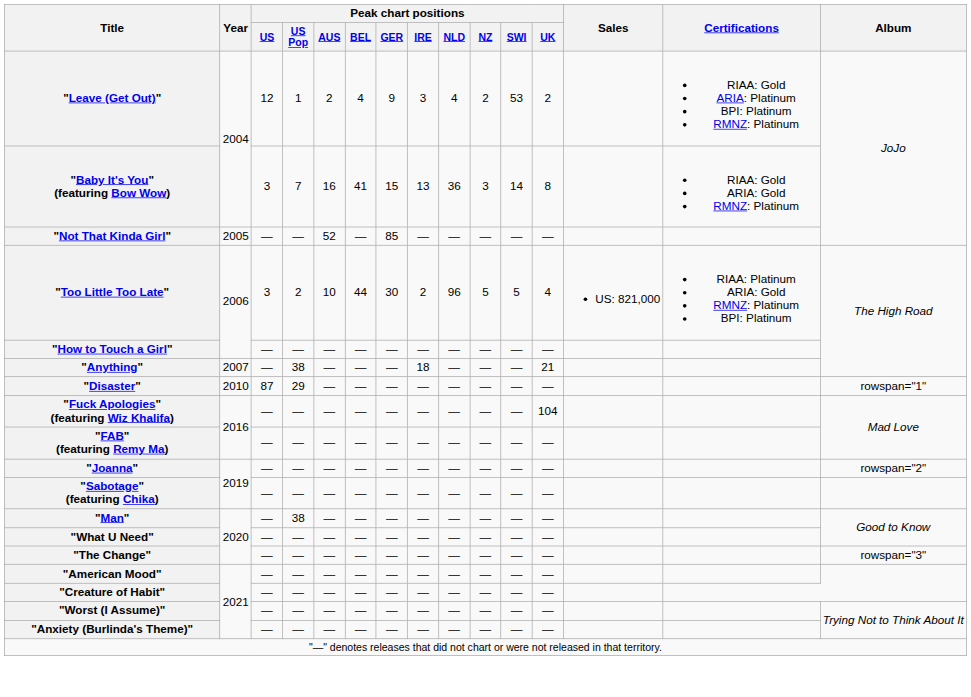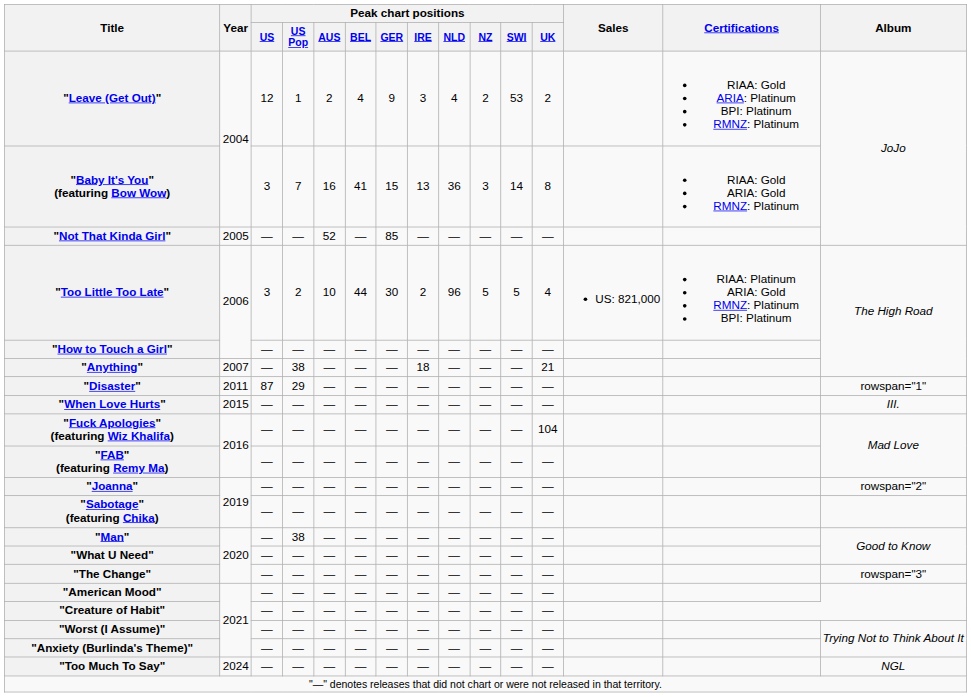 <table class="wikitable plainrowheaders" style="text-align:center;">
 <tr>
 <th scope="col" rowspan="2" style="width:18em;">Title</th>
 <th scope="col" rowspan="2">Year</th>
 <th scope="col" colspan="10">Peak chart positions</th>
 <th scope="col" rowspan="2">Sales</th>
 <th scope="col" rowspan="2" style="width:13em;"><a href='#'>Certifications</a></th>
 <th scope="col" rowspan="2">Album</th>
 </tr>
 <tr>
 <th scope="col" style="width:2.5em;font-size:90%;"><a href='#'>US</a><br></th>
 <th scope="col" style="width:2.5em;font-size:90%;"><a href='#'>US Pop</a><br></th>
 <th scope="col" style="width:2.5em;font-size:90%;"><a href='#'>AUS</a><br></th>
 <th scope="col" style="width:2.5em;font-size:90%;"><a href='#'>BEL</a><br></th>
 <th scope="col" style="width:2.5em;font-size:90%;"><a href='#'>GER</a><br></th>
 <th scope="col" style="width:2.5em;font-size:90%;"><a href='#'>IRE</a><br></th>
 <th scope="col" style="width:2.5em;font-size:90%;"><a href='#'>NLD</a><br></th>
 <th scope="col" style="width:2.5em;font-size:90%;"><a href='#'>NZ</a><br></th>
 <th scope="col" style="width:2.5em;font-size:90%;"><a href='#'>SWI</a><br></th>
 <th scope="col" style="width:2.5em;font-size:90%;"><a href='#'>UK</a><br></th>
 </tr>
 <tr>
 <th scope="row">"<a href='#'>Leave (Get Out)</a>"</th>
 <td rowspan="2">2004</td>
 <td>12</td>
 <td>1</td>
 <td>2</td>
 <td>4</td>
 <td>9</td>
 <td>3</td>
 <td>4</td>
 <td>2</td>
 <td>53</td>
 <td>2</td>
 <td></td>
 <td><br><ul><li>RIAA: Gold</li><li><a href='#'>ARIA</a>: Platinum</li><li>BPI: Platinum</li><li><a href='#'>RMNZ</a>: Platinum</li></ul></td>
 <td style="text-align:center;" rowspan="3"><em>JoJo</em></td>
 </tr>
 <tr>
 <th scope="row">"<a href='#'>Baby It's You</a>"<br><span>(featuring <a href='#'>Bow Wow</a>)</span></th>
 <td>3</td>
 <td>7</td>
 <td>16</td>
 <td>41</td>
 <td>15</td>
 <td>13</td>
 <td>36</td>
 <td>3</td>
 <td>14</td>
 <td>8</td>
 <td></td>
 <td><br><ul><li>RIAA: Gold</li><li>ARIA: Gold</li><li><a href='#'>RMNZ</a>: Platinum</li></ul></td>
 </tr>
 <tr>
 <th scope="row">"<a href='#'>Not That Kinda Girl</a>"</th>
 <td>2005</td>
 <td>—</td>
 <td>—</td>
 <td>52</td>
 <td>—</td>
 <td>85</td>
 <td>—</td>
 <td>—</td>
 <td>—</td>
 <td>—</td>
 <td>—</td>
 <td></td>
 <td></td>
 </tr>
 <tr>
 <th scope="row">"<a href='#'>Too Little Too Late</a>"</th>
 <td rowspan="2">2006</td>
 <td>3</td>
 <td>2</td>
 <td>10</td>
 <td>44</td>
 <td>30</td>
 <td>2</td>
 <td>96</td>
 <td>5</td>
 <td>5</td>
 <td>4</td>
 <td><br><ul><li>US: 821,000</li></ul></td>
 <td><br><ul><li>RIAA: Platinum</li><li>ARIA: Gold</li><li><a href='#'>RMNZ</a>: Platinum</li><li>BPI: Platinum</li></ul></td>
 <td style="text-align:center;" rowspan="3"><em>The High Road</em></td>
 </tr>
 <tr>
 <th scope="row">"<a href='#'>How to Touch a Girl</a>"</th>
 <td>—</td>
 <td>—</td>
 <td>—</td>
 <td>—</td>
 <td>—</td>
 <td>—</td>
 <td>—</td>
 <td>—</td>
 <td>—</td>
 <td>—</td>
 <td></td>
 <td></td>
 </tr>
 <tr>
 <th scope="row">"<a href='#'>Anything</a>"</th>
 <td>2007</td>
 <td>—</td>
 <td>38</td>
 <td>—</td>
 <td>—</td>
 <td>—</td>
 <td>18</td>
 <td>—</td>
 <td>—</td>
 <td>—</td>
 <td>21</td>
 <td></td>
 <td></td>
 </tr>
 <tr>
 <th scope="row">"<a href='#'>Disaster</a>"</th>
-<td rowspan="1">2010</td>
+<td rowspan="1">2011</td>
 <td>87</td>
 <td>29</td>
 <td>—</td>
 <td>—</td>
 <td>—</td>
 <td>—</td>
 <td>—</td>
 <td>—</td>
 <td>—</td>
 <td>—</td>
 <td></td>
 <td></td>
 <td>rowspan="1" </td>
+</tr>
+<tr>
+<th scope="row">"<a href='#'>When Love Hurts</a>"</th>
+<td>2015</td>
+<td>—</td>
+<td>—</td>
+<td>—</td>
+<td>—</td>
+<td>—</td>
+<td>—</td>
+<td>—</td>
+<td>—</td>
+<td>—</td>
+<td>—</td>
+<td></td>
+<td></td>
+<td><em>III.</em></td>
 </tr>
 <tr>
 <th scope="row">"<a href='#'>Fuck Apologies</a>"<br><span>(featuring <a href='#'>Wiz Khalifa</a>)</span></th>
 <td rowspan="2">2016</td>
 <td>—</td>
 <td>—</td>
 <td>—</td>
 <td>—</td>
 <td>—</td>
 <td>—</td>
 <td>—</td>
 <td>—</td>
 <td>—</td>
 <td>104</td>
 <td></td>
 <td></td>
 <td rowspan="2"><em>Mad Love</em></td>
 </tr>
 <tr>
 <th scope="row">"<a href='#'>FAB</a>" <br><span>(featuring <a href='#'>Remy Ma</a>)</span></th>
 <td>—</td>
 <td>—</td>
 <td>—</td>
 <td>—</td>
 <td>—</td>
 <td>—</td>
 <td>—</td>
 <td>—</td>
 <td>—</td>
 <td>—</td>
 <td></td>
 <td></td>
 </tr>
 <tr>
 <th scope="row">"<a href='#'>Joanna</a>"</th>
 <td rowspan="2">2019</td>
 <td>—</td>
 <td>—</td>
 <td>—</td>
 <td>—</td>
 <td>—</td>
 <td>—</td>
 <td>—</td>
 <td>—</td>
 <td>—</td>
 <td>—</td>
 <td></td>
 <td></td>
 <td>rowspan="2" </td>
 </tr>
 <tr>
 <th scope="row">"<a href='#'>Sabotage</a>"<br><span>(featuring <a href='#'>Chika</a>)</span></th>
 <td>—</td>
 <td>—</td>
 <td>—</td>
 <td>—</td>
 <td>—</td>
 <td>—</td>
 <td>—</td>
 <td>—</td>
 <td>—</td>
 <td>—</td>
 <td></td>
 <td></td>
 </tr>
 <tr>
 <th scope="row">"<a href='#'>Man</a>"</th>
 <td rowspan="3">2020</td>
 <td>—</td>
 <td>38</td>
 <td>—</td>
 <td>—</td>
 <td>—</td>
 <td>—</td>
 <td>—</td>
 <td>—</td>
 <td>—</td>
 <td>—</td>
 <td></td>
 <td></td>
 <td rowspan="2"><em>Good to Know</em></td>
 </tr>
 <tr>
 <th scope="row">"What U Need"</th>
 <td>—</td>
 <td>—</td>
 <td>—</td>
 <td>—</td>
 <td>—</td>
 <td>—</td>
 <td>—</td>
 <td>—</td>
 <td>—</td>
 <td>—</td>
 <td></td>
 <td></td>
 </tr>
 <tr>
 <th scope="row">"The Change"</th>
 <td>—</td>
 <td>—</td>
 <td>—</td>
 <td>—</td>
 <td>—</td>
 <td>—</td>
 <td>—</td>
 <td>—</td>
 <td>—</td>
 <td>—</td>
 <td></td>
 <td></td>
 <td>rowspan="3" </td>
 </tr>
 <tr>
 <th scope="row">"American Mood"</th>
 <td rowspan="4">2021</td>
 <td>—</td>
 <td>—</td>
 <td>—</td>
 <td>—</td>
 <td>—</td>
 <td>—</td>
 <td>—</td>
 <td>—</td>
 <td>—</td>
 <td>—</td>
 <td></td>
 <td></td>
 </tr>
 <tr>
 <th scope="row">"Creature of Habit"</th>
 <td>—</td>
 <td>—</td>
 <td>—</td>
 <td>—</td>
 <td>—</td>
 <td>—</td>
 <td>—</td>
 <td>—</td>
 <td>—</td>
 <td>—</td>
 <td></td>
 </tr>
 <tr>
 <th scope="row">"Worst (I Assume)"</th>
 <td>—</td>
 <td>—</td>
 <td>—</td>
 <td>—</td>
 <td>—</td>
 <td>—</td>
 <td>—</td>
 <td>—</td>
 <td>—</td>
 <td>—</td>
 <td></td>
 <td></td>
 <td rowspan="2"><em>Trying Not to Think About It</em></td>
 </tr>
 <tr>
 <th scope="row">"Anxiety (Burlinda's Theme)"</th>
 <td>—</td>
 <td>—</td>
 <td>—</td>
 <td>—</td>
 <td>—</td>
 <td>—</td>
 <td>—</td>
 <td>—</td>
 <td>—</td>
 <td>—</td>
 <td></td>
 <td></td>
 </tr>
 <tr>
+<th scope="row">"Too Much To Say"</th>
+<td rowspan="1">2024</td>
+<td>—</td>
+<td>—</td>
+<td>—</td>
+<td>—</td>
+<td>—</td>
+<td>—</td>
+<td>—</td>
+<td>—</td>
+<td>—</td>
+<td>—</td>
+<td></td>
+<td></td>
+<td><em>NGL</em></td>
+</tr>
+<tr>
 <td colspan="15" style="font-size:90%;">"—" denotes releases that did not chart or were not released in that territory.</td>
 </tr>
 </table>
